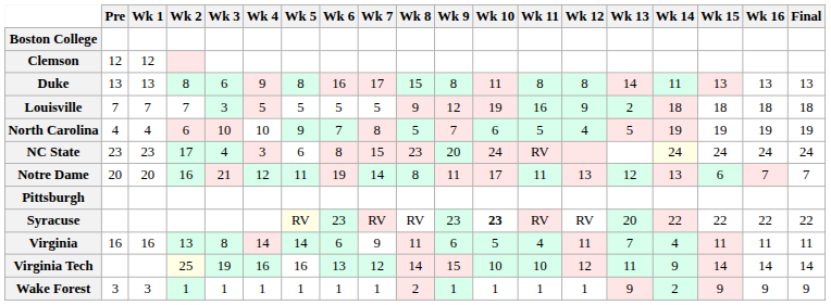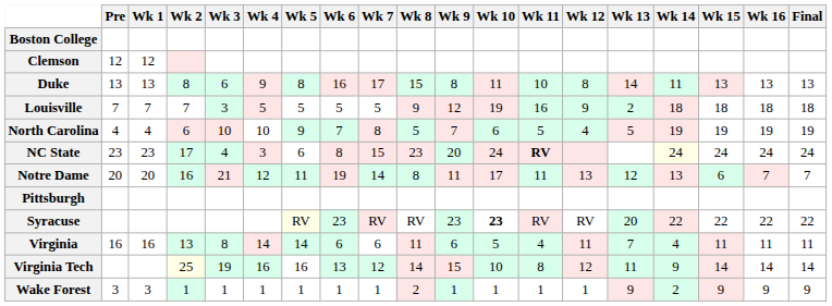 <table class="wikitable" style="white-space:nowrap;font-size:90%;">
 <tr>
 <th colspan=1 style="background:white; border-top-style:hidden; border-left-style:hidden;"> </th>
 <th>Pre <br></th>
 <th>Wk 1 <br></th>
 <th>Wk 2 <br></th>
 <th>Wk 3 <br></th>
 <th>Wk 4 <br></th>
 <th>Wk 5 <br></th>
 <th>Wk 6 <br></th>
 <th>Wk 7 <br></th>
 <th>Wk 8 <br></th>
 <th>Wk 9 <br></th>
 <th>Wk 10 <br></th>
 <th>Wk 11 <br></th>
 <th>Wk 12 <br></th>
 <th>Wk 13 <br></th>
 <th>Wk 14 <br></th>
 <th>Wk 15 <br></th>
 <th>Wk 16 <br></th>
 <th>Final <br></th>
 </tr>
 <tr style="text-align:center;">
 <th>Boston College</th>
 <td style="background:#FFF;"></td>
 <td style="background:#FFF;"></td>
 <td style="background:#FFF;"></td>
 <td style="background:#FFF;"></td>
 <td style="background:#FFF;"></td>
 <td style="background:#FFF;"></td>
 <td style="background:#FFF;"></td>
 <td style="background:#FFF;"></td>
 <td style="background:#FFF;"></td>
 <td style="background:#FFF;"></td>
 <td style="background:#FFF;"></td>
 <td style="background:#FFF;"></td>
 <td style="background:#FFF;"></td>
 <td style="background:#FFF;"></td>
 <td style="background:#FFF;"></td>
 <td style="background:#FFF;"></td>
 <td style="background:#FFF;"></td>
 <td style="background:#FFF;"></td>
 </tr>
 <tr style="text-align:center;">
 <th>Clemson</th>
 <td style="background:#FFF;"> 12</td>
 <td style="background:#FFF;"> 12</td>
 <td style="background:#FFE6E6;"></td>
 <td style="background:#FFF;"></td>
 <td style="background:#FFF;"></td>
 <td style="background:#FFF;"></td>
 <td style="background:#FFF;"></td>
 <td style="background:#FFF;"></td>
 <td style="background:#FFF;"></td>
 <td style="background:#FFF;"></td>
 <td style="background:#FFF;"></td>
 <td style="background:#FFF;"></td>
 <td style="background:#FFF;"></td>
 <td style="background:#FFF;"></td>
 <td style="background:#FFF;"></td>
 <td style="background:#FFF;"></td>
 <td style="background:#FFF;"></td>
 <td style="background:#FFF;"></td>
 </tr>
 <tr style="text-align:center;">
 <th>Duke</th>
 <td style="background:#FFF;"> 13</td>
 <td style="background:#FFF;"> 13</td>
 <td style="background:#D8FFEB;"> 8</td>
 <td style="background:#D8FFEB;"> 6</td>
 <td style="background:#FFE6E6;"> 9</td>
 <td style="background:#D8FFEB;"> 8</td>
 <td style="background:#FFE6E6;"> 16</td>
 <td style="background:#FFE6E6;"> 17</td>
 <td style="background:#D8FFEB;"> 15</td>
 <td style="background:#D8FFEB;"> 8</td>
 <td style="background:#FFE6E6;"> 11</td>
-<td style="background:#D8FFEB;"> 8</td>
+<td style="background:#D8FFEB;"> 10</td>
 <td style="background:#D8FFEB;"> 8</td>
 <td style="background:#FFE6E6;"> 14</td>
 <td style="background:#D8FFEB;"> 11</td>
 <td style="background:#FFE6E6;"> 13</td>
 <td style="background:#FFF;"> 13</td>
 <td style="background:#FFF;"> 13</td>
 </tr>
 <tr style="text-align:center;">
 <th>Louisville</th>
 <td style="background:#FFF;"> 7</td>
 <td style="background:#FFF;"> 7</td>
 <td style="background:#FFF;"> 7</td>
 <td style="background:#D8FFEB;"> 3</td>
 <td style="background:#FFE6E6;"> 5</td>
 <td style="background:#FFF;"> 5</td>
 <td style="background:#FFF;"> 5</td>
 <td style="background:#FFF;"> 5</td>
 <td style="background:#FFE6E6;"> 9</td>
 <td style="background:#FFE6E6;"> 12</td>
 <td style="background:#FFE6E6;"> 19</td>
 <td style="background:#D8FFEB;"> 16</td>
 <td style="background:#D8FFEB;"> 9</td>
 <td style="background:#D8FFEB;"> 2</td>
 <td style="background:#FFE6E6;"> 18</td>
 <td style="background:#FFF;"> 18</td>
 <td style="background:#FFF;"> 18</td>
 <td style="background:#FFF;"> 18</td>
 </tr>
 <tr style="text-align:center;">
 <th>North Carolina</th>
 <td style="background:#FFF;"> 4</td>
 <td style="background:#FFF;"> 4</td>
 <td style="background:#FFE6E6;"> 6</td>
 <td style="background:#FFE6E6;"> 10</td>
 <td style="background:#FFF;"> 10</td>
 <td style="background:#D8FFEB;"> 9</td>
 <td style="background:#D8FFEB;"> 7</td>
 <td style="background:#FFE6E6;"> 8</td>
 <td style="background:#D8FFEB;"> 5</td>
 <td style="background:#FFE6E6;"> 7</td>
 <td style="background:#D8FFEB;"> 6</td>
 <td style="background:#D8FFEB;"> 5</td>
 <td style="background:#D8FFEB;"> 4</td>
 <td style="background:#FFE6E6;"> 5</td>
 <td style="background:#FFE6E6;"> 19</td>
 <td style="background:#FFF;"> 19</td>
 <td style="background:#FFF;"> 19</td>
 <td style="background:#FFF;"> 19</td>
 </tr>
 <tr style="text-align:center;">
 <th>NC State</th>
 <td style="background:#FFF;"> 23</td>
 <td style="background:#FFF;"> 23</td>
 <td style="background:#D8FFEB;"> 17</td>
 <td style="background:#D8FFEB;"> 4</td>
 <td style="background:#FFE6E6;"> 3</td>
 <td style="background:#FFF;"> 6</td>
 <td style="background:#FFE6E6;"> 8</td>
 <td style="background:#FFE6E6;"> 15</td>
 <td style="background:#FFE6E6;"> 23</td>
 <td style="background:#D8FFEB;"> 20</td>
 <td style="background:#FFE6E6;"> 24</td>
-<td style="background:#FFE6E6;"> RV</td>
+<td style="background:#FFE6E6;"><strong> RV</strong></td>
 <td style="background:#FFE6E6;"></td>
 <td style="background:#FFF;"></td>
 <td style="background:#FFFFE6;"> 24</td>
 <td style="background:#FFF;"> 24</td>
 <td style="background:#FFF;"> 24</td>
 <td style="background:#FFF;"> 24</td>
 </tr>
 <tr style="text-align:center;">
 <th>Notre Dame</th>
 <td style="background:#FFF;"> 20</td>
 <td style="background:#FFF;"> 20</td>
 <td style="background:#D8FFEB;"> 16</td>
 <td style="background:#FFE6E6;"> 21</td>
 <td style="background:#D8FFEB;"> 12</td>
 <td style="background:#D8FFEB;"> 11</td>
 <td style="background:#FFE6E6;"> 19</td>
 <td style="background:#D8FFEB;"> 14</td>
 <td style="background:#D8FFEB;"> 8</td>
 <td style="background:#FFE6E6;"> 11</td>
 <td style="background:#FFE6E6;"> 17</td>
 <td style="background:#D8FFEB;"> 11</td>
 <td style="background:#FFE6E6;"> 13</td>
 <td style="background:#D8FFEB;"> 12</td>
 <td style="background:#FFE6E6;"> 13</td>
 <td style="background:#D8FFEB;"> 6</td>
 <td style="background:#FFE6E6;"> 7</td>
 <td style="background:#FFF;"> 7</td>
 </tr>
 <tr style="text-align:center;">
 <th>Pittsburgh</th>
 <td style="background:#FFF;"></td>
 <td style="background:#FFF;"></td>
 <td style="background:#FFF;"></td>
 <td style="background:#FFF;"></td>
 <td style="background:#FFF;"></td>
 <td style="background:#FFF;"></td>
 <td style="background:#FFF;"></td>
 <td style="background:#FFF;"></td>
 <td style="background:#FFF;"></td>
 <td style="background:#FFF;"></td>
 <td style="background:#FFF;"></td>
 <td style="background:#FFF;"></td>
 <td style="background:#FFF;"></td>
 <td style="background:#FFF;"></td>
 <td style="background:#FFF;"></td>
 <td style="background:#FFF;"></td>
 <td style="background:#FFF;"></td>
 <td style="background:#FFF;"></td>
 </tr>
 <tr style="text-align:center;">
 <th>Syracuse</th>
 <td style="background:#FFF;"></td>
 <td style="background:#FFF;"></td>
 <td style="background:#FFF;"></td>
 <td style="background:#FFF;"></td>
 <td style="background:#FFF;"></td>
 <td style="background:#FFFFE6;"> RV</td>
 <td style="background:#D8FFEB;"> 23</td>
 <td style="background:#FFE6E6;"> RV</td>
 <td style="background:#FFF;"> RV</td>
 <td style="background:#D8FFEB;"> 23</td>
 <td style="background:#FFF;"><strong> 23</strong></td>
 <td style="background:#FFE6E6;"> RV</td>
 <td style="background:#FFF;"> RV</td>
 <td style="background:#D8FFEB;"> 20</td>
 <td style="background:#FFE6E6;"> 22</td>
 <td style="background:#FFF;"> 22</td>
 <td style="background:#FFF;"> 22</td>
 <td style="background:#FFF;"> 22</td>
 </tr>
 <tr style="text-align:center;">
 <th>Virginia</th>
 <td style="background:#FFF;"> 16</td>
 <td style="background:#FFF;"> 16</td>
 <td style="background:#D8FFEB;"> 13</td>
 <td style="background:#D8FFEB;"> 8</td>
 <td style="background:#FFE6E6;"> 14</td>
 <td style="background:#D8FFEB;"> 14</td>
 <td style="background:#D8FFEB;"> 6</td>
-<td style="background:#FFF;"> 9</td>
+<td style="background:#FFF;"> 6</td>
 <td style="background:#FFE6E6;"> 11</td>
 <td style="background:#D8FFEB;"> 6</td>
 <td style="background:#D8FFEB;"> 5</td>
 <td style="background:#D8FFEB;"> 4</td>
 <td style="background:#FFE6E6;"> 11</td>
 <td style="background:#D8FFEB;"> 7</td>
 <td style="background:#D8FFEB;"> 4</td>
 <td style="background:#FFE6E6;"> 11</td>
 <td style="background:#FFF;"> 11</td>
 <td style="background:#FFF;"> 11</td>
 </tr>
 <tr style="text-align:center;">
 <th>Virginia Tech</th>
 <td style="background:#FFF;"></td>
 <td style="background:#FFF;"></td>
 <td style="background:#FFFFE6;"> 25</td>
 <td style="background:#D8FFEB;"> 19</td>
 <td style="background:#D8FFEB;"> 16</td>
 <td style="background:#FFF;"> 16</td>
 <td style="background:#D8FFEB;"> 13</td>
 <td style="background:#D8FFEB;"> 12</td>
 <td style="background:#FFE6E6;"> 14</td>
 <td style="background:#FFE6E6;"> 15</td>
 <td style="background:#D8FFEB;"> 10</td>
-<td style="background:#D8FFEB;"> 10</td>
+<td style="background:#D8FFEB;"> 8</td>
 <td style="background:#FFE6E6;"> 12</td>
 <td style="background:#D8FFEB;"> 11</td>
 <td style="background:#D8FFEB;"> 9</td>
 <td style="background:#FFE6E6;"> 14</td>
 <td style="background:#FFF;"> 14</td>
 <td style="background:#FFF;"> 14</td>
 </tr>
 <tr style="text-align:center;">
 <th>Wake Forest</th>
 <td style="background:#FFF;"> 3</td>
 <td style="background:#FFF;"> 3</td>
 <td style="background:#D8FFEB;"> 1</td>
 <td style="background:#FFF;"> 1</td>
 <td style="background:#FFF;"> 1</td>
 <td style="background:#FFF;"> 1</td>
 <td style="background:#FFF;"> 1</td>
 <td style="background:#FFF;"> 1</td>
 <td style="background:#FFE6E6;"> 2</td>
 <td style="background:#D8FFEB;"> 1</td>
 <td style="background:#FFF;"> 1</td>
 <td style="background:#FFF;"> 1</td>
 <td style="background:#FFF;"> 1</td>
 <td style="background:#FFE6E6;"> 9</td>
 <td style="background:#D8FFEB;"> 2</td>
 <td style="background:#FFE6E6;"> 9</td>
 <td style="background:#FFF;"> 9</td>
 <td style="background:#FFF;"> 9</td>
 </tr>
 </table>
